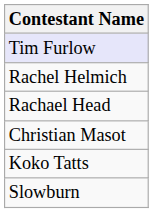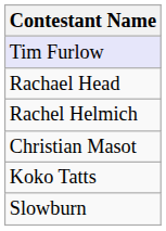 <table class="wikitable sortable">
 <tr>
 <th>Contestant Name</th>
 </tr>
 <tr>
 <td style="background: lavender;">Tim Furlow</td>
 </tr>
 <tr>
-<td>Rachel Helmich</td>
+<td>Rachael Head</td>
 </tr>
 <tr>
-<td>Rachael Head</td>
+<td>Rachel Helmich</td>
 </tr>
 <tr>
 <td>Christian Masot</td>
 </tr>
 <tr>
 <td>Koko Tatts</td>
 </tr>
 <tr>
 <td>Slowburn</td>
 </tr>
 </table>
